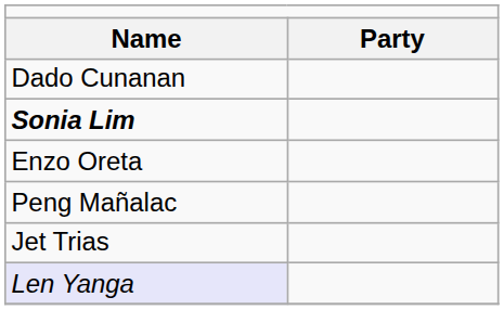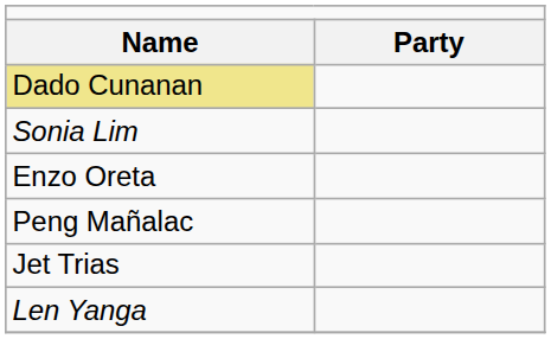 <table class=wikitable style="font-size:90%">
 <tr>
 <td colspan=4 bgcolor=></td>
 </tr>
 <tr>
 <th width=150px>Name</th>
 <th colspan=2 width=110px>Party</th>
 </tr>
 <tr>
-<td>Dado Cunanan</td>
+<td style="background: khaki;">Dado Cunanan</td>
 <td></td>
 </tr>
 <tr>
-<td><strong><em>Sonia Lim</em></strong></td>
+<td><em>Sonia Lim</em></td>
 <td></td>
 </tr>
 <tr>
 <td>Enzo Oreta</td>
 <td></td>
 </tr>
 <tr>
 <td>Peng Mañalac</td>
 <td></td>
 </tr>
 <tr>
 <td>Jet Trias</td>
 <td></td>
 </tr>
 <tr>
-<td style="background: lavender;"><em>Len Yanga</em></td>
+<td><em>Len Yanga</em></td>
 <td></td>
 </tr>
 <tr>
 </tr>
 </table>
